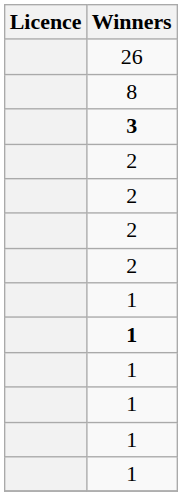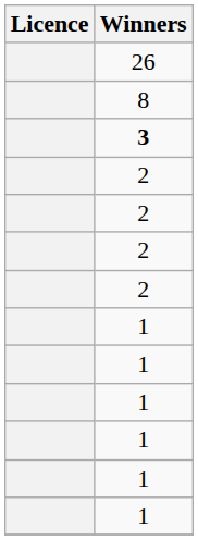 <table class="wikitable plainrowheaders sortable"  style="text-align: center">
 <tr>
 <th scope="col">Licence</th>
 <th scope="col">Winners</th>
 </tr>
 <tr>
 <th scope="row"></th>
 <td>26</td>
 </tr>
 <tr>
 <th scope="row"></th>
 <td>8</td>
 </tr>
 <tr>
 <th scope="row"></th>
 <td><strong>3</strong></td>
 </tr>
 <tr>
 <th scope="row"></th>
 <td>2</td>
 </tr>
 <tr>
 <th scope="row"></th>
 <td>2</td>
 </tr>
 <tr>
 <th scope="row"></th>
 <td>2</td>
 </tr>
 <tr>
 <th scope="row"></th>
 <td>2</td>
 </tr>
 <tr>
 <th scope="row"></th>
 <td>1</td>
 </tr>
 <tr>
 <th scope="row"></th>
-<td><strong>1</strong></td>
+<td>1</td>
 </tr>
 <tr>
 <th scope="row"></th>
 <td>1</td>
 </tr>
 <tr>
 <th scope="row"></th>
 <td>1</td>
 </tr>
 <tr>
 <th scope="row"></th>
 <td>1</td>
 </tr>
 <tr>
 <th scope="row"></th>
 <td>1</td>
 </tr>
 <tr>
 </tr>
 </table>
